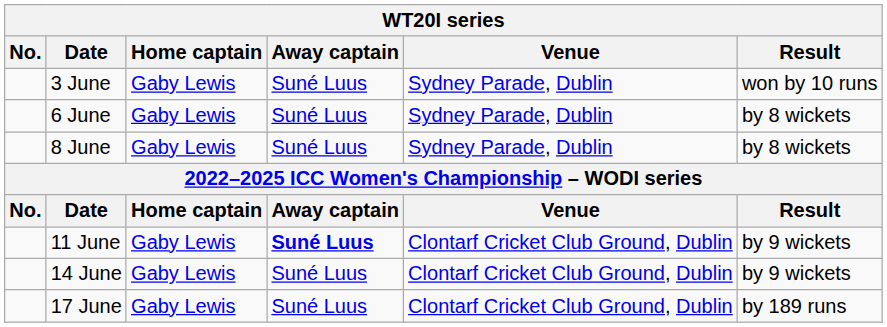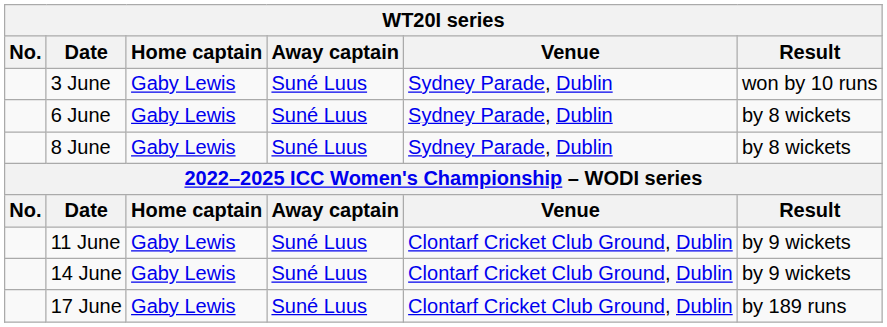 <table class="wikitable">
 <tr>
 <th colspan="9">WT20I series</th>
 </tr>
 <tr>
 <th>No.</th>
 <th>Date</th>
 <th>Home captain</th>
 <th>Away captain</th>
 <th>Venue</th>
 <th>Result</th>
 </tr>
 <tr>
 <td></td>
 <td>3 June</td>
 <td><a href='#'>Gaby Lewis</a></td>
 <td><a href='#'>Suné Luus</a></td>
 <td><a href='#'>Sydney Parade</a>, <a href='#'>Dublin</a></td>
 <td> won by 10 runs</td>
 </tr>
 <tr>
 <td></td>
 <td>6 June</td>
 <td><a href='#'>Gaby Lewis</a></td>
 <td><a href='#'>Suné Luus</a></td>
 <td><a href='#'>Sydney Parade</a>, <a href='#'>Dublin</a></td>
 <td> by 8 wickets</td>
 </tr>
 <tr>
 <td></td>
 <td>8 June</td>
 <td><a href='#'>Gaby Lewis</a></td>
 <td><a href='#'>Suné Luus</a></td>
 <td><a href='#'>Sydney Parade</a>, <a href='#'>Dublin</a></td>
 <td> by 8 wickets</td>
 </tr>
 <tr>
 <th colspan="9"><a href='#'>2022–2025 ICC Women's Championship</a> – WODI series</th>
 </tr>
 <tr>
 <th>No.</th>
 <th>Date</th>
 <th>Home captain</th>
 <th>Away captain</th>
 <th>Venue</th>
 <th>Result</th>
 </tr>
 <tr>
 <td></td>
 <td>11 June</td>
 <td><a href='#'>Gaby Lewis</a></td>
-<td><strong><a href='#'>Suné Luus</a></strong></td>
+<td><a href='#'>Suné Luus</a></td>
 <td><a href='#'>Clontarf Cricket Club Ground</a>, <a href='#'>Dublin</a></td>
 <td> by 9 wickets</td>
 </tr>
 <tr>
 <td></td>
 <td>14 June</td>
 <td><a href='#'>Gaby Lewis</a></td>
 <td><a href='#'>Suné Luus</a></td>
 <td><a href='#'>Clontarf Cricket Club Ground</a>, <a href='#'>Dublin</a></td>
 <td> by 9 wickets</td>
 </tr>
 <tr>
 <td></td>
 <td>17 June</td>
 <td><a href='#'>Gaby Lewis</a></td>
 <td><a href='#'>Suné Luus</a></td>
 <td><a href='#'>Clontarf Cricket Club Ground</a>, <a href='#'>Dublin</a></td>
 <td> by 189 runs</td>
 </tr>
 </table>
